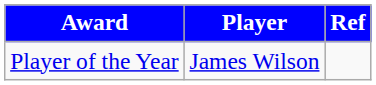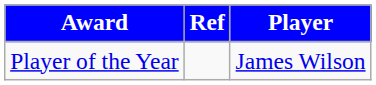 <table class="wikitable" style="text-align:center">
 <tr>
 <th style="background:blue; color:white; width=0%">Award</th>
+<th style="background:blue; color:white; width=0%">Ref</th>
 <th style="background:blue; color:white; width=0%">Player</th>
-<th style="background:blue; color:white; width=0%">Ref</th>
 </tr>
 <tr>
 <td><a href='#'>Player of the Year</a></td>
+<td></td>
 <td> <a href='#'>James Wilson</a></td>
-<td></td>
 </tr>
 </table>
